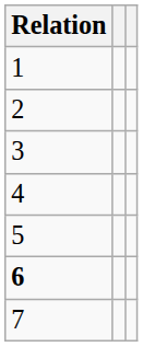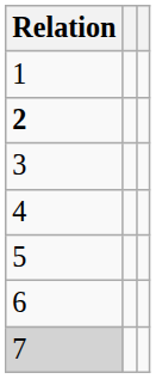 <table class="wikitable">
 <tr>
 <th>Relation</th>
 <th></th>
 <th></th>
 </tr>
 <tr>
 <td>1</td>
 <td></td>
 <td></td>
 </tr>
 <tr>
-<td>2</td>
+<td><strong>2</strong></td>
 <td></td>
 <td></td>
 </tr>
 <tr>
 <td>3</td>
 <td></td>
 <td></td>
 </tr>
 <tr>
 <td>4</td>
 <td></td>
 <td></td>
 </tr>
 <tr>
 <td>5</td>
 <td></td>
 <td></td>
 </tr>
 <tr>
-<td><strong>6</strong></td>
+<td>6</td>
 <td></td>
 <td></td>
 </tr>
 <tr>
-<td>7</td>
+<td style="background: lightgrey;">7</td>
 <td></td>
 <td></td>
 </tr>
 </table>
